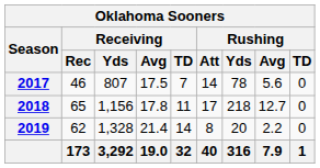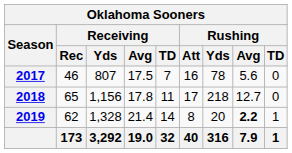 <table class="wikitable" style="text-align:center;">
 <tr>
 <th colspan="13">Oklahoma Sooners</th>
 </tr>
 <tr>
 <th rowspan="2">Season</th>
 <th colspan="4">Receiving</th>
 <th colspan="4">Rushing</th>
 </tr>
 <tr>
 <th>Rec</th>
 <th>Yds</th>
 <th>Avg</th>
 <th>TD</th>
 <th>Att</th>
 <th>Yds</th>
 <th>Avg</th>
 <th>TD</th>
 </tr>
 <tr>
 <th><a href='#'>2017</a></th>
 <td>46</td>
 <td>807</td>
 <td>17.5</td>
 <td>7</td>
-<td>14</td>
+<td>16</td>
 <td>78</td>
 <td>5.6</td>
 <td>0</td>
 </tr>
 <tr>
 <th><a href='#'>2018</a></th>
 <td>65</td>
 <td>1,156</td>
 <td>17.8</td>
 <td>11</td>
 <td>17</td>
 <td>218</td>
 <td>12.7</td>
 <td>0</td>
 </tr>
 <tr>
 <th><a href='#'>2019</a></th>
 <td>62</td>
 <td>1,328</td>
 <td>21.4</td>
 <td>14</td>
 <td>8</td>
 <td>20</td>
-<td>2.2</td>
-<td>0</td>
+<td><strong>2.2</strong></td>
+<td>1</td>
 </tr>
 <tr>
 <th></th>
 <th>173</th>
 <th>3,292</th>
 <th>19.0</th>
 <th>32</th>
 <th>40</th>
 <th>316</th>
 <th>7.9</th>
 <th>1</th>
 </tr>
 </table>
